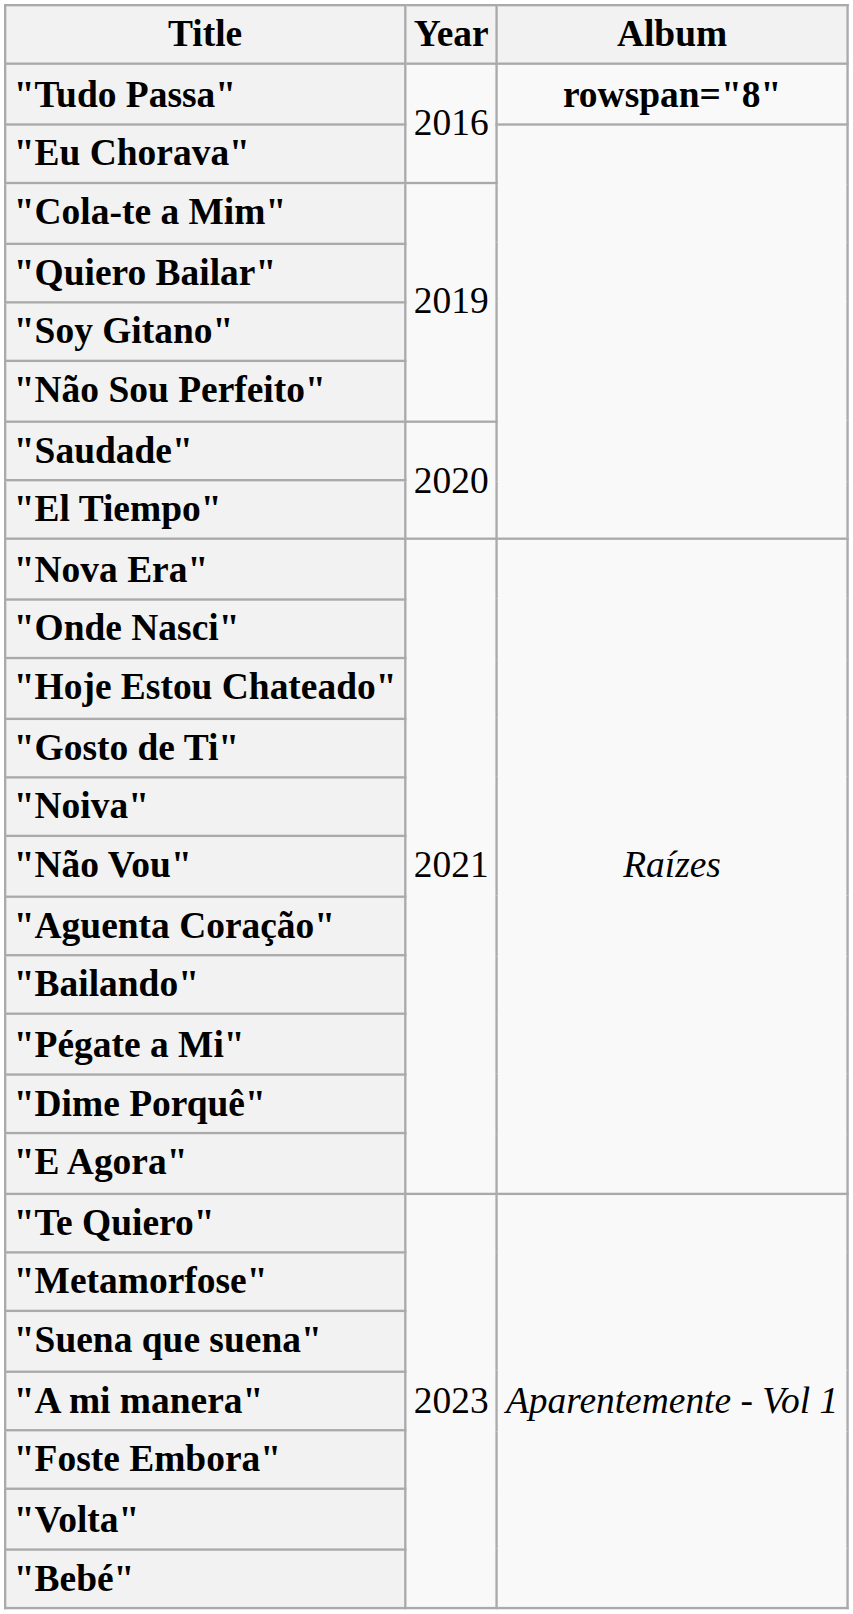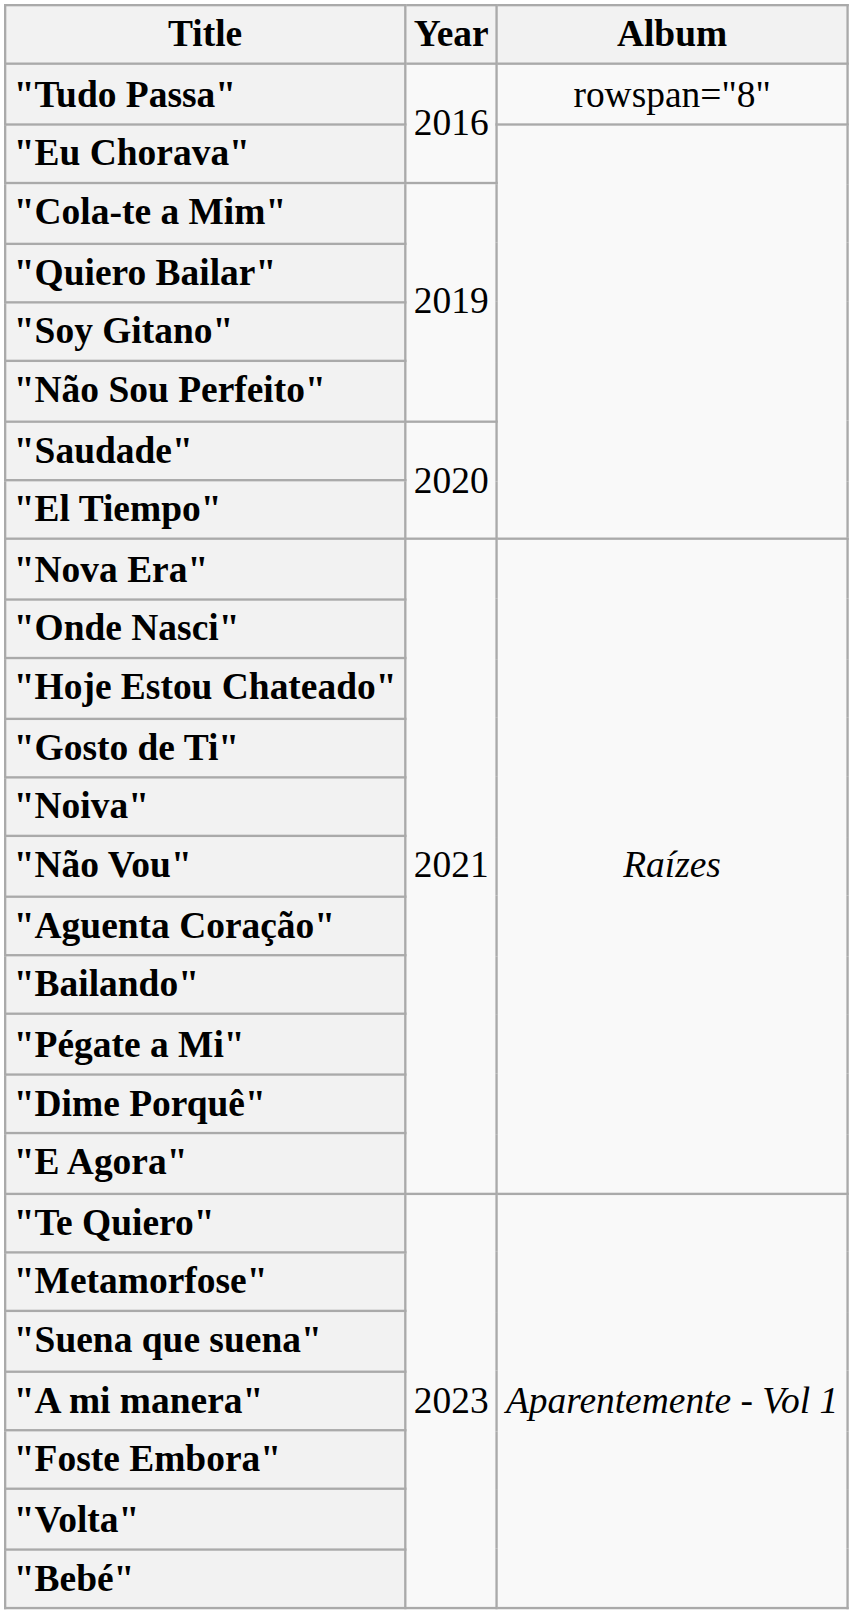 <table class="wikitable plainrowheaders" style="text-align:center;">
 <tr>
 <th scope="col">Title</th>
 <th scope="col">Year</th>
 <th scope="col">Album</th>
 </tr>
 <tr>
 <th scope="row"; style="text-align:left;">"Tudo Passa"</th>
 <td rowspan="2">2016</td>
-<td><strong>rowspan="8" <em></em></strong></td>
+<td>rowspan="8" <em></em></td>
 </tr>
 <tr>
 <th scope="row"; style="text-align:left;">"Eu Chorava"</th>
 </tr>
 <tr>
 <th scope="row"; style="text-align:left;">"Cola-te a Mim"</th>
 <td rowspan="4">2019</td>
 </tr>
 <tr>
 <th scope="row"; style="text-align:left;">"Quiero Bailar"</th>
 </tr>
 <tr>
 <th scope="row"; style="text-align:left;">"Soy Gitano"</th>
 </tr>
 <tr>
 <th scope="row"; style="text-align:left;">"Não Sou Perfeito"</th>
 </tr>
 <tr>
 <th scope="row"; style="text-align:left;">"Saudade"</th>
 <td rowspan="2">2020</td>
 </tr>
 <tr>
 <th scope="row"; style="text-align:left;">"El Tiempo"</th>
 </tr>
 <tr>
 <th scope="row"; style="text-align:left;">"Nova Era"</th>
 <td rowspan="11">2021</td>
 <td rowspan="11"><em>Raízes</em></td>
 </tr>
 <tr>
 <th scope="row"; style="text-align:left;">"Onde Nasci"</th>
 </tr>
 <tr>
 <th scope="row"; style="text-align:left;">"Hoje Estou Chateado"</th>
 </tr>
 <tr>
 <th scope="row"; style="text-align:left;">"Gosto de Ti"</th>
 </tr>
 <tr>
 <th scope="row"; style="text-align:left;">"Noiva"</th>
 </tr>
 <tr>
 <th scope="row"; style="text-align:left;">"Não Vou"</th>
 </tr>
 <tr>
 <th scope="row"; style="text-align:left;">"Aguenta Coração"</th>
 </tr>
 <tr>
 <th scope="row"; style="text-align:left;">"Bailando"</th>
 </tr>
 <tr>
 <th scope="row"; style="text-align:left;">"Pégate a Mi"</th>
 </tr>
 <tr>
 <th scope="row"; style="text-align:left;">"Dime Porquê"</th>
 </tr>
 <tr>
 <th scope="row"; style="text-align:left;">"E Agora"</th>
 </tr>
 <tr>
 <th scope="row"; style="text-align:left;">"Te Quiero"</th>
 <td rowspan="7">2023</td>
 <td rowspan="7"><em>Aparentemente - Vol 1</em></td>
 </tr>
 <tr>
 <th scope="row"; style="text-align:left;">"Metamorfose"</th>
 </tr>
 <tr>
 <th scope="row"; style="text-align:left;">"Suena que suena"</th>
 </tr>
 <tr>
 <th scope="row"; style="text-align:left;">"A mi manera"</th>
 </tr>
 <tr>
 <th scope="row"; style="text-align:left;">"Foste Embora"</th>
 </tr>
 <tr>
 <th scope="row"; style="text-align:left;">"Volta"</th>
 </tr>
 <tr>
 <th scope="row"; style="text-align:left;">"Bebé"</th>
 </tr>
 </table>
